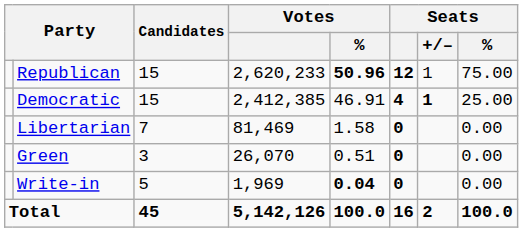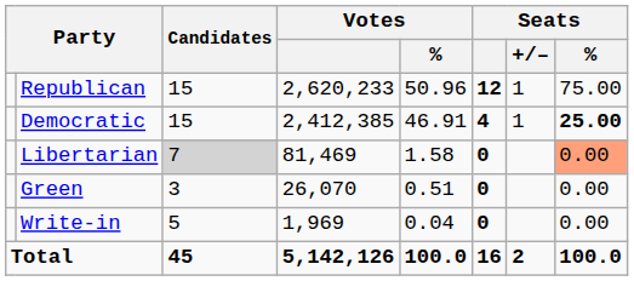 <table class="wikitable" style="font-size: 95%;">
 <tr>
 <th colspan="2" rowspan="2">Party</th>
 <th rowspan="2"><small>Candi</small><small>dates</small></th>
 <th colspan="2">Votes</th>
 <th colspan="3">Seats</th>
 </tr>
 <tr>
 <th></th>
 <th>%</th>
 <th></th>
 <th>+/–</th>
 <th>%</th>
 </tr>
 <tr>
 <td style="background:"></td>
 <td align=left><a href='#'>Republican</a></td>
 <td>15</td>
 <td>2,620,233</td>
-<td><strong>50.96</strong></td>
+<td>50.96</td>
 <td><strong>12</strong></td>
 <td> 1</td>
 <td>75.00</td>
 </tr>
 <tr>
 <td style="background:"></td>
 <td align=left><a href='#'>Democratic</a></td>
 <td>15</td>
 <td>2,412,385</td>
 <td>46.91</td>
 <td><strong>4</strong></td>
-<td><strong> 1</strong></td>
-<td>25.00</td>
+<td> 1</td>
+<td><strong>25.00</strong></td>
 </tr>
 <tr>
 <td style="background:"></td>
 <td align=left><a href='#'>Libertarian</a></td>
-<td>7</td>
+<td style="background: lightgrey;">7</td>
 <td>81,469</td>
 <td>1.58</td>
 <td><strong>0</strong></td>
 <td></td>
-<td>0.00</td>
+<td style="background: lightsalmon;">0.00</td>
 </tr>
 <tr>
 <td style="background:"></td>
 <td align=left><a href='#'>Green</a></td>
 <td>3</td>
 <td>26,070</td>
 <td>0.51</td>
 <td><strong>0</strong></td>
 <td></td>
 <td>0.00</td>
 </tr>
 <tr>
 <td style="background:"></td>
 <td align=left><a href='#'>Write-in</a></td>
 <td>5</td>
 <td>1,969</td>
-<td><strong>0.04</strong></td>
+<td>0.04</td>
 <td><strong>0</strong></td>
 <td></td>
 <td>0.00</td>
 </tr>
 <tr style="font-weight:bold">
 <td colspan=2 align=left>Total</td>
 <td>45</td>
 <td>5,142,126</td>
 <td>100.0</td>
 <td>16</td>
 <td> 2</td>
 <td>100.0</td>
 </tr>
 </table>
